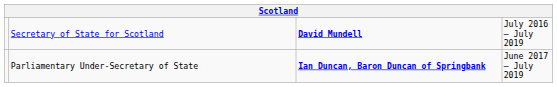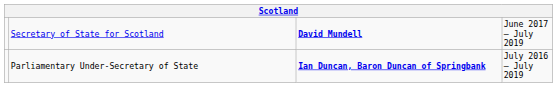 <table class="wikitable">
 <tr>
 <th colspan="4"><a href='#'>Scotland</a></th>
 </tr>
 <tr>
 <td style="width: 1px; background: "></td>
 <td style="width: 450px;"><a href='#'>Secretary of State for Scotland</a></td>
 <td style="width: 320px;"><strong><a href='#'>David Mundell</a></strong></td>
-<td>July 2016 – July 2019</td>
+<td>June 2017 – July 2019</td>
 </tr>
 <tr>
 <td style="width: 1px; background: "></td>
 <td>Parliamentary Under-Secretary of State</td>
 <td><strong><a href='#'>Ian Duncan, Baron Duncan of Springbank</a></strong></td>
-<td>June 2017 – July 2019</td>
+<td>July 2016 – July 2019</td>
 </tr>
 </table>
